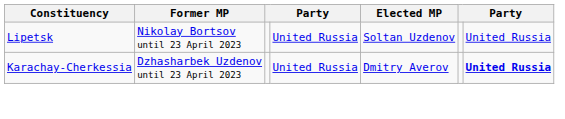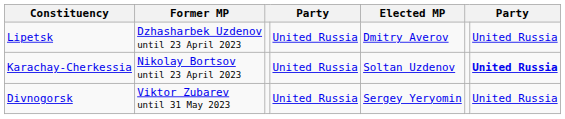 <table class="wikitable">
 <tr>
 <th>Constituency</th>
 <th>Former MP</th>
 <th colspan=2>Party</th>
 <th>Elected MP</th>
 <th colspan=2>Party</th>
 </tr>
 <tr>
 <td><a href='#'>Lipetsk</a></td>
+<td><a href='#'>Dzhasharbek Uzdenov</a><br> <small>until 23 April 2023</small></td>
+<td style="background-color:"></td>
+<td><a href='#'>United Russia</a></td>
+<td><a href='#'>Dmitry Averov</a></td>
+<td style="background-color:"></td>
+<td><a href='#'>United Russia</a></td>
+</tr>
+<tr>
+<td><a href='#'>Karachay-Cherkessia</a></td>
 <td><a href='#'>Nikolay Bortsov</a><br> <small>until 23 April 2023</small></td>
 <td style="background-color:"></td>
 <td><a href='#'>United Russia</a></td>
 <td><a href='#'>Soltan Uzdenov</a></td>
 <td style="background-color:"></td>
+<td><strong><a href='#'>United Russia</a></strong></td>
+</tr>
+<tr>
+<td><a href='#'>Divnogorsk</a></td>
+<td><a href='#'>Viktor Zubarev</a><br> <small>until 31 May 2023</small></td>
+<td style="background-color:"></td>
+<td><a href='#'>United Russia</a></td>
+<td><a href='#'>Sergey Yeryomin</a></td>
+<td style="background-color:"></td>
 <td><a href='#'>United Russia</a></td>
 </tr>
-<tr>
-<td><a href='#'>Karachay-Cherkessia</a></td>
-<td><a href='#'>Dzhasharbek Uzdenov</a><br> <small>until 23 April 2023</small></td>
-<td style="background-color:"></td>
-<td><a href='#'>United Russia</a></td>
-<td><a href='#'>Dmitry Averov</a></td>
-<td style="background-color:"></td>
-<td><strong><a href='#'>United Russia</a></strong></td>
-</tr>
 </table>
